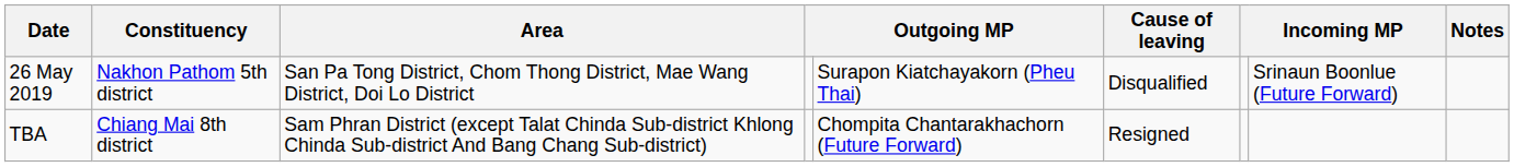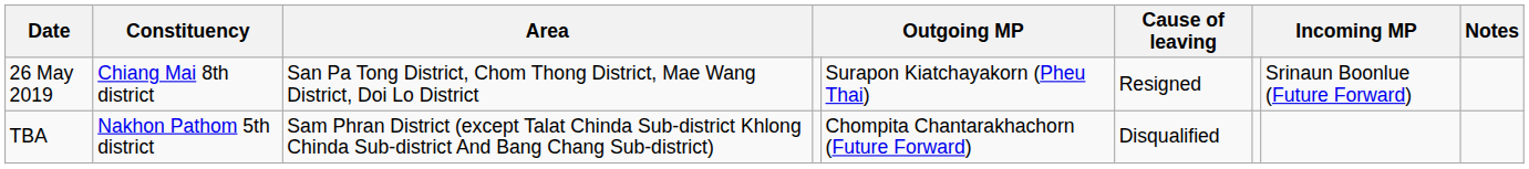 <table class="wikitable">
 <tr>
 <th>Date</th>
 <th>Constituency</th>
 <th>Area</th>
 <th colspan="2">Outgoing MP</th>
 <th>Cause of leaving</th>
 <th colspan="2">Incoming MP</th>
 <th>Notes</th>
 </tr>
 <tr>
 <td>26 May 2019</td>
-<td><a href='#'>Nakhon Pathom</a> 5th district</td>
+<td><a href='#'>Chiang Mai</a> 8th district</td>
 <td>San Pa Tong District, Chom Thong District, Mae Wang District, Doi Lo District</td>
 <td style="background-color: "></td>
 <td>Surapon Kiatchayakorn (<a href='#'>Pheu Thai</a>)</td>
-<td>Disqualified</td>
+<td>Resigned</td>
 <td style="background-color: "></td>
 <td>Srinaun Boonlue (<a href='#'>Future Forward</a>)</td>
 <td></td>
 </tr>
 <tr>
 <td>TBA</td>
-<td><a href='#'>Chiang Mai</a> 8th district</td>
+<td><a href='#'>Nakhon Pathom</a> 5th district</td>
 <td>Sam Phran District (except Talat Chinda Sub-district Khlong Chinda Sub-district And Bang Chang Sub-district)</td>
 <td style="background-color: "></td>
 <td>Chompita Chantarakhachorn (<a href='#'>Future Forward</a>)</td>
-<td>Resigned</td>
+<td>Disqualified</td>
 <td></td>
 <td></td>
 <td></td>
 </tr>
 </table>
